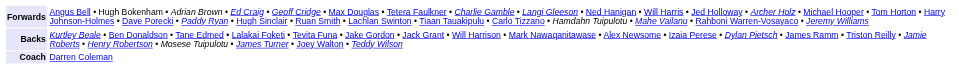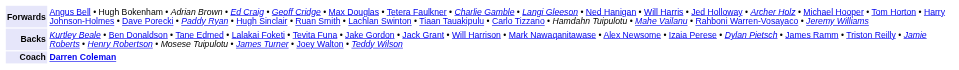 <table cellpadding="2" style="border: 1px solid white; font-size:90%">
 <tr>
 <td style="text-align:right;" bgcolor="lavender"><strong>Forwards</strong></td>
 <td style="text-align:left;"><a href='#'>Angus Bell</a> • Hugh Bokenham • <em>Adrian Brown</em> • <em><a href='#'>Ed Craig</a></em> • <em><a href='#'>Geoff Cridge</a></em> • <a href='#'>Max Douglas</a> • <a href='#'>Tetera Faulkner</a> • <em><a href='#'>Charlie Gamble</a></em> • <em><a href='#'>Langi Gleeson</a></em> • <a href='#'>Ned Hanigan</a> • <a href='#'>Will Harris</a> • <a href='#'>Jed Holloway</a> • <em><a href='#'>Archer Holz</a></em> • <a href='#'>Michael Hooper</a> • <a href='#'>Tom Horton</a> • <a href='#'>Harry Johnson-Holmes</a> • <a href='#'>Dave Porecki</a> • <em><a href='#'>Paddy Ryan</a></em> • <a href='#'>Hugh Sinclair</a> • <a href='#'>Ruan Smith</a> • <a href='#'>Lachlan Swinton</a> • <a href='#'>Tiaan Tauakipulu</a> • <a href='#'>Carlo Tizzano</a> • <em>Hamdahn Tuipulotu</em> • <em><a href='#'>Mahe Vailanu</a></em> • <a href='#'>Rahboni Warren-Vosayaco</a> • <em><a href='#'>Jeremy Williams</a></em></td>
 </tr>
 <tr>
 <td style="text-align:right;" bgcolor="lavender"><strong>Backs</strong></td>
 <td style="text-align:left;"><em><a href='#'>Kurtley Beale</a></em> • <a href='#'>Ben Donaldson</a> • <a href='#'>Tane Edmed</a> • <a href='#'>Lalakai Foketi</a> • <a href='#'>Tevita Funa</a> • <a href='#'>Jake Gordon</a> • <a href='#'>Jack Grant</a> • <a href='#'>Will Harrison</a> • <a href='#'>Mark Nawaqanitawase</a> • <a href='#'>Alex Newsome</a> • <a href='#'>Izaia Perese</a> • <em><a href='#'>Dylan Pietsch</a></em> • <a href='#'>James Ramm</a> • <a href='#'>Triston Reilly</a> • <em><a href='#'>Jamie Roberts</a></em> • <em><a href='#'>Henry Robertson</a></em> • <em>Mosese Tuipulotu</em> • <em><a href='#'>James Turner</a></em> • <a href='#'>Joey Walton</a> • <em><a href='#'>Teddy Wilson</a></em></td>
 </tr>
 <tr>
 <td style="text-align:right;" bgcolor="lavender"><strong>Coach</strong></td>
-<td style="text-align:left;"><a href='#'>Darren Coleman</a></td>
+<td style="text-align:left;"><strong><a href='#'>Darren Coleman</a></strong></td>
 </tr>
 </table>
